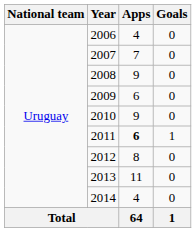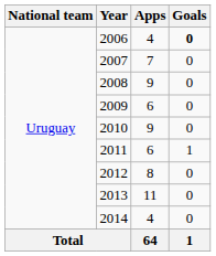 <table class=wikitable style=text-align:center>
 <tr>
 <th>National team</th>
 <th>Year</th>
 <th>Apps</th>
 <th>Goals</th>
 </tr>
 <tr>
 <td rowspan=9><a href='#'>Uruguay</a></td>
 <td>2006</td>
 <td>4</td>
-<td>0</td>
+<td><strong>0</strong></td>
 </tr>
 <tr>
 <td>2007</td>
 <td>7</td>
 <td>0</td>
 </tr>
 <tr>
 <td>2008</td>
 <td>9</td>
 <td>0</td>
 </tr>
 <tr>
 <td>2009</td>
 <td>6</td>
 <td>0</td>
 </tr>
 <tr>
 <td>2010</td>
 <td>9</td>
 <td>0</td>
 </tr>
 <tr>
 <td>2011</td>
-<td><strong>6</strong></td>
+<td>6</td>
 <td>1</td>
 </tr>
 <tr>
 <td>2012</td>
 <td>8</td>
 <td>0</td>
 </tr>
 <tr>
 <td>2013</td>
 <td>11</td>
 <td>0</td>
 </tr>
 <tr>
 <td>2014</td>
 <td>4</td>
 <td>0</td>
 </tr>
 <tr>
 <th colspan=2>Total</th>
 <th>64</th>
 <th>1</th>
 </tr>
 </table>
